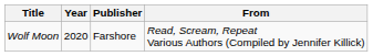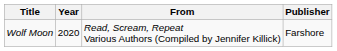 <table class="wikitable">
 <tr>
 <th>Title</th>
 <th>Year</th>
+<th>From</th>
 <th>Publisher</th>
-<th>From</th>
 </tr>
 <tr>
 <td><em>Wolf Moon</em></td>
 <td>2020</td>
+<td><em>Read, Scream, Repeat</em><br>Various Authors (Compiled by Jennifer Killick)</td>
 <td>Farshore</td>
-<td><em>Read, Scream, Repeat</em><br>Various Authors (Compiled by Jennifer Killick)</td>
 </tr>
 </table>
